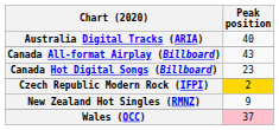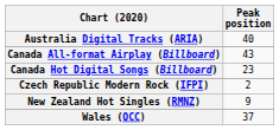 <table class="wikitable sortable plainrowheaders" style="text-align:center">
 <tr>
 <th scope="col">Chart (2020)</th>
 <th scope="col">Peak<br> position</th>
 </tr>
 <tr>
 <th scope="row">Australia <a href='#'>Digital Tracks</a> (<a href='#'>ARIA</a>)</th>
 <td>40</td>
 </tr>
 <tr>
 </tr>
 <tr>
 </tr>
 <tr>
 <th scope="row">Canada <a href='#'>All-format Airplay</a> (<em><a href='#'>Billboard</a></em>)</th>
 <td>43</td>
 </tr>
 <tr>
 <th scope="row">Canada <a href='#'>Hot Digital Songs</a> (<em><a href='#'>Billboard</a></em>)</th>
 <td>23</td>
 </tr>
 <tr>
 </tr>
 <tr>
 <th scope="row">Czech Republic Modern Rock (<a href='#'>IFPI</a>)</th>
-<td style="background: gold;">2</td>
+<td>2</td>
 </tr>
 <tr>
 <th scope="row">New Zealand Hot Singles (<a href='#'>RMNZ</a>)</th>
 <td>9</td>
 </tr>
 <tr>
 </tr>
 <tr>
 </tr>
 <tr>
 </tr>
 <tr>
 </tr>
 <tr>
 </tr>
 <tr>
 </tr>
 <tr>
 <th scope="row">Wales (<a href='#'>OCC</a>)</th>
-<td style="background: pink;">37</td>
+<td>37</td>
 </tr>
 </table>
